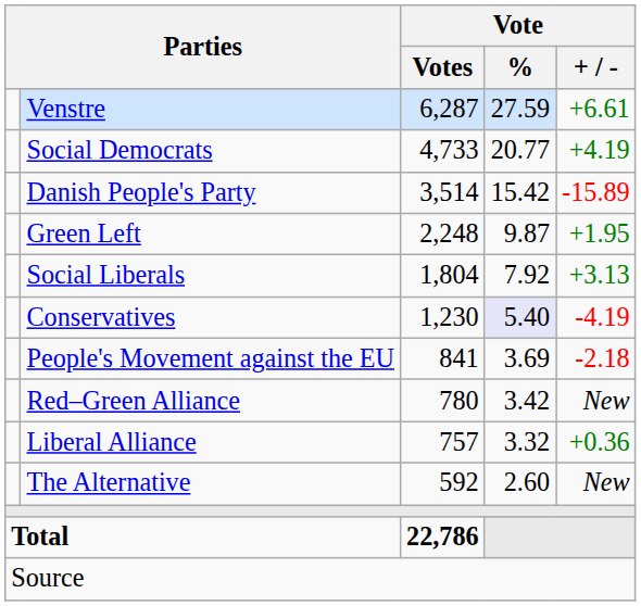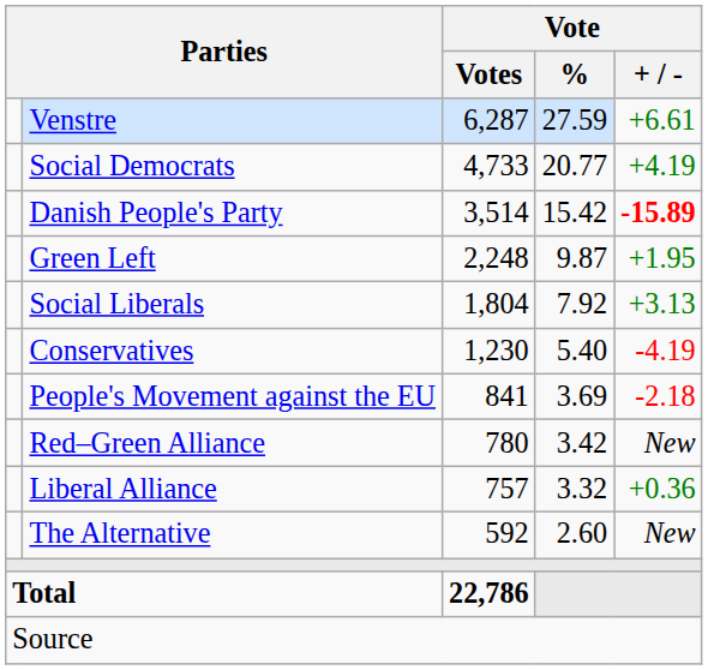 <table class="wikitable" style="text-align:right;">
 <tr>
 <th style="text-align:centre;" rowspan="2" colspan="2" width="225">Parties</th>
 <th colspan="3">Vote</th>
 </tr>
 <tr>
 <th width="15">Votes</th>
 <th width="15">%</th>
 <th width="15">+ / -</th>
 </tr>
 <tr>
 <td width="2" style="color:inherit;background:"></td>
 <td bgcolor=#cfe5fe   align="left"><a href='#'>Venstre</a></td>
 <td bgcolor=#cfe5fe>6,287</td>
 <td bgcolor=#cfe5fe>27.59</td>
 <td style=color:green;>+6.61</td>
 </tr>
 <tr>
 <td width="2" style="color:inherit;background:"></td>
 <td align="left"><a href='#'>Social Democrats</a></td>
 <td>4,733</td>
 <td>20.77</td>
 <td style=color:green;>+4.19</td>
 </tr>
 <tr>
 <td width="2" style="color:inherit;background:"></td>
 <td align="left"><a href='#'>Danish People's Party</a></td>
 <td>3,514</td>
 <td>15.42</td>
-<td style=color:red;>-15.89</td>
+<td style=color:red;><strong>-15.89</strong></td>
 </tr>
 <tr>
 <td width="2" style="color:inherit;background:"></td>
 <td align="left"><a href='#'>Green Left</a></td>
 <td>2,248</td>
 <td>9.87</td>
 <td style=color:green;>+1.95</td>
 </tr>
 <tr>
 <td width="2" style="color:inherit;background:"></td>
 <td align="left"><a href='#'>Social Liberals</a></td>
 <td>1,804</td>
 <td>7.92</td>
 <td style=color:green;>+3.13</td>
 </tr>
 <tr>
 <td width="2" style="color:inherit;background:"></td>
 <td align="left"><a href='#'>Conservatives</a></td>
 <td>1,230</td>
-<td style="background: lavender;">5.40</td>
+<td>5.40</td>
 <td style=color:red;>-4.19</td>
 </tr>
 <tr>
 <td width="2" style="color:inherit;background:"></td>
 <td align="left"><a href='#'>People's Movement against the EU</a></td>
 <td>841</td>
 <td>3.69</td>
 <td style=color:red;>-2.18</td>
 </tr>
 <tr>
 <td width="2" style="color:inherit;background:"></td>
 <td align="left"><a href='#'>Red–Green Alliance</a></td>
 <td>780</td>
 <td>3.42</td>
 <td><em>New</em></td>
 </tr>
 <tr>
 <td width="2" style="color:inherit;background:"></td>
 <td align="left"><a href='#'>Liberal Alliance</a></td>
 <td>757</td>
 <td>3.32</td>
 <td style=color:green;>+0.36</td>
 </tr>
 <tr>
 <td width="2" style="color:inherit;background:"></td>
 <td align="left"><a href='#'>The Alternative</a></td>
 <td>592</td>
 <td>2.60</td>
 <td><em>New</em></td>
 </tr>
 <tr>
 <td colspan="7" bgcolor="#E9E9E9"></td>
 </tr>
 <tr>
 <td align="left" colspan="2"><strong>Total</strong></td>
 <td><strong>22,786</strong></td>
 <td bgcolor="#E9E9E9" colspan="2"></td>
 </tr>
 <tr>
 <td align="left" colspan="6">Source</td>
 </tr>
 </table>
